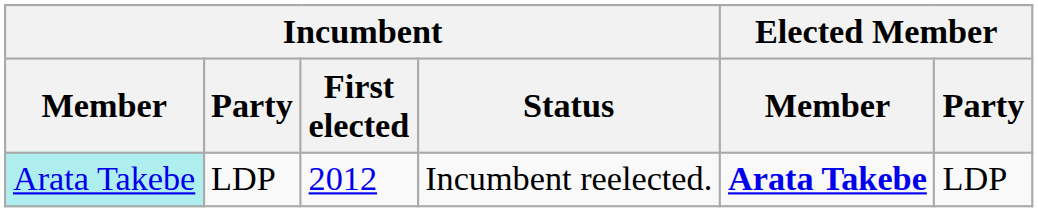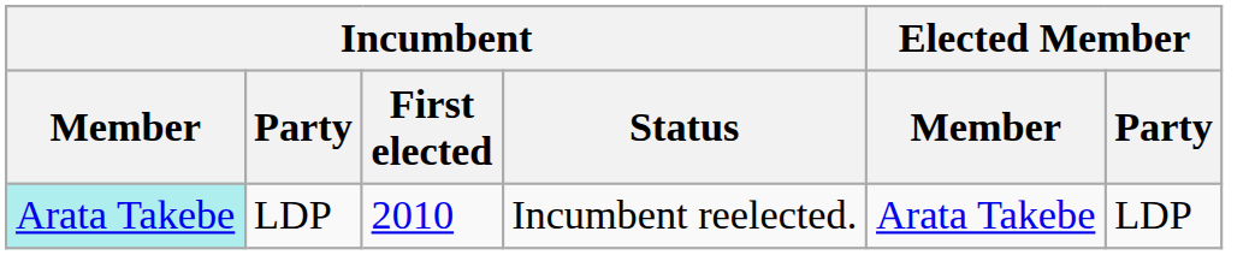 <table class="wikitable sortable">
 <tr>
 <th colspan=4>Incumbent</th>
 <th colspan=2>Elected Member</th>
 </tr>
 <tr>
 <th>Member</th>
 <th>Party</th>
 <th>First<br>elected</th>
 <th>Status</th>
 <th>Member</th>
 <th>Party</th>
 </tr>
 <tr>
 <td style="background: paleturquoise;"><a href='#'>Arata Takebe</a></td>
 <td>LDP</td>
-<td><a href='#'>2012</a></td>
+<td><a href='#'>2010</a></td>
 <td>Incumbent reelected.</td>
-<td><strong><a href='#'>Arata Takebe</a></strong></td>
+<td><a href='#'>Arata Takebe</a></td>
 <td>LDP</td>
 </tr>
 </table>
